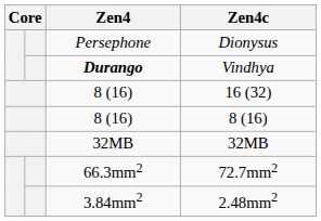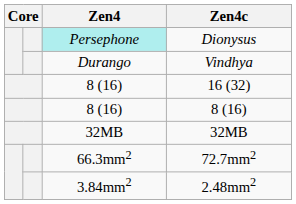 <table class="wikitable" style="text-align: center;">
 <tr>
 <th colspan="2">Core</th>
 <th style="width:8em">Zen4</th>
 <th style="width:8em">Zen4c</th>
 </tr>
 <tr>
 <th style="text-align: left;" rowspan="2"></th>
 <th style="text-align: left;"></th>
-<td><em>Persephone</em></td>
+<td style="background: paleturquoise;"><em>Persephone</em></td>
 <td><em>Dionysus</em></td>
 </tr>
 <tr>
 <th style="text-align: left;"></th>
-<td><strong><em>Durango</em></strong></td>
+<td><em>Durango</em></td>
 <td><em>Vindhya</em></td>
 </tr>
 <tr>
 <th style="text-align: left;" colspan="2"></th>
 <td>8 (16)</td>
 <td>16 (32)</td>
 </tr>
 <tr>
 <th colspan="2"></th>
 <td>8 (16)</td>
 <td>8 (16)</td>
 </tr>
 <tr>
 <th style="text-align: left;" colspan="2"></th>
 <td>32MB<br></td>
 <td>32MB<br></td>
 </tr>
 <tr>
 <th style="text-align: left;" rowspan="2"></th>
 <th style="text-align: left;"></th>
 <td>66.3mm<sup>2</sup></td>
 <td>72.7mm<sup>2</sup></td>
 </tr>
 <tr>
 <th style="text-align: left;"></th>
 <td>3.84mm<sup>2</sup></td>
 <td>2.48mm<sup>2</sup></td>
 </tr>
 </table>
